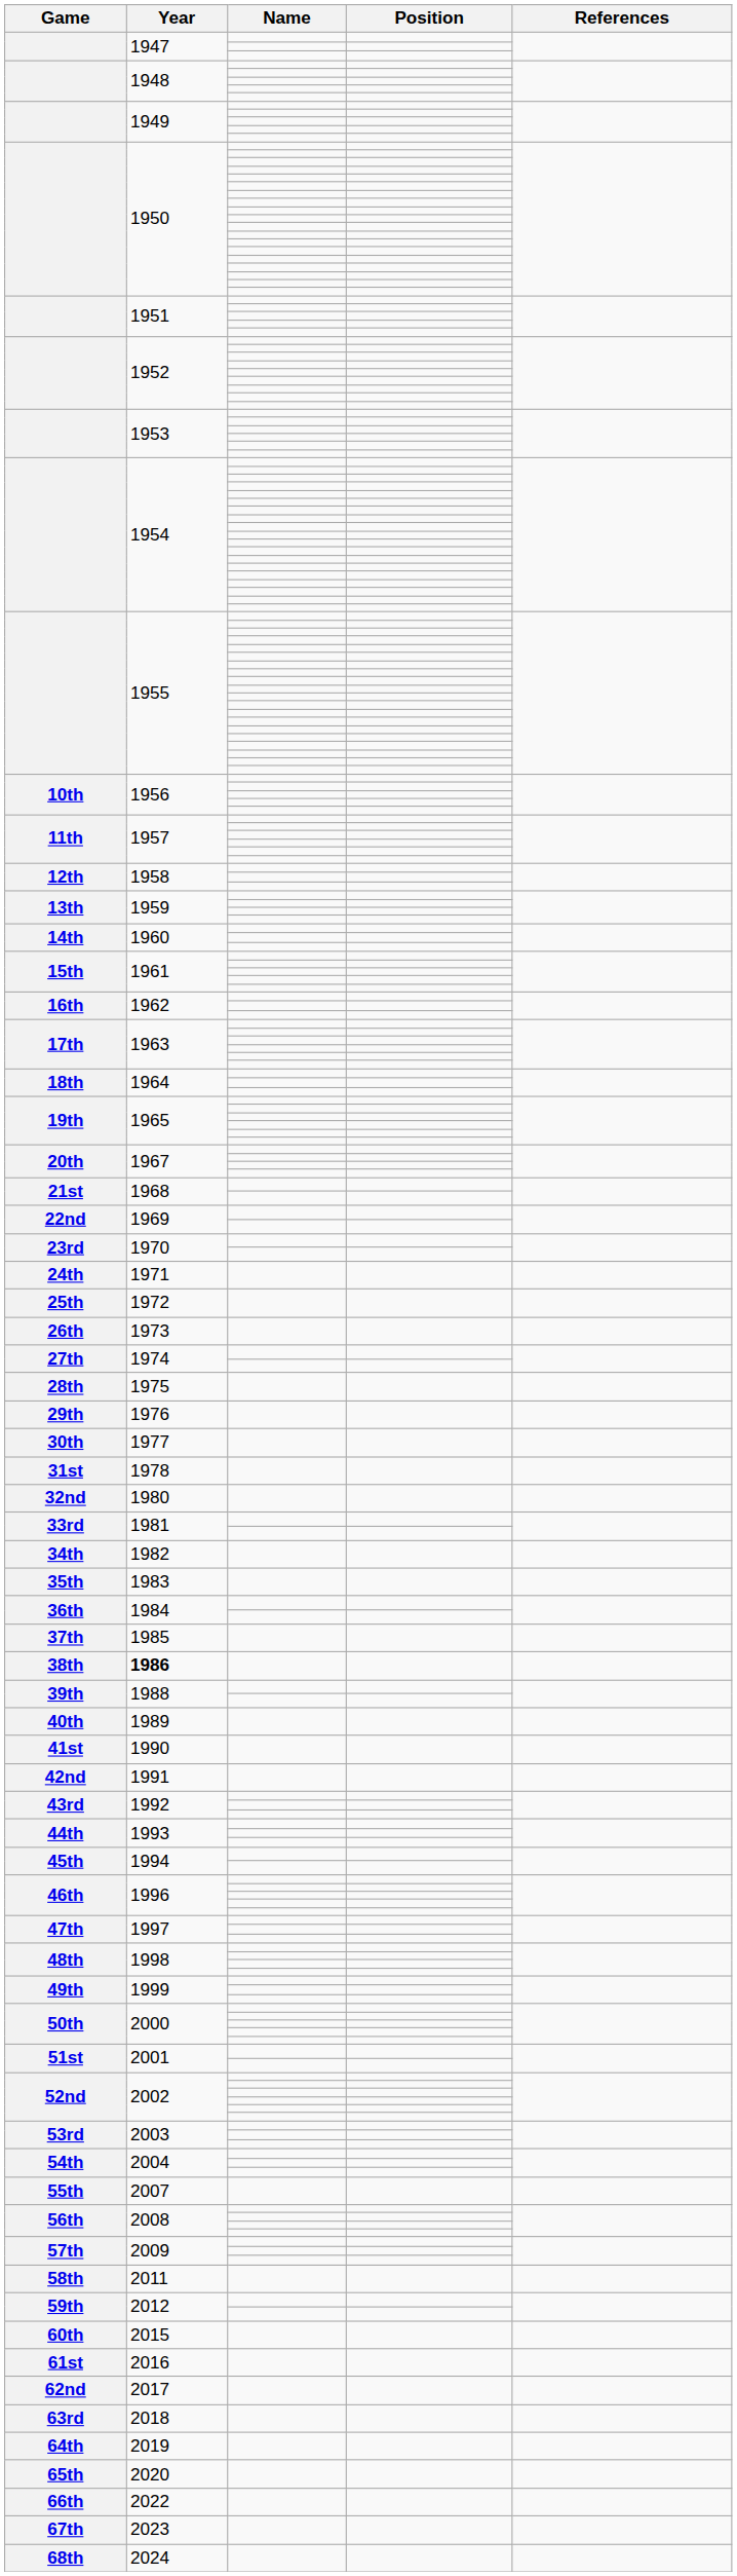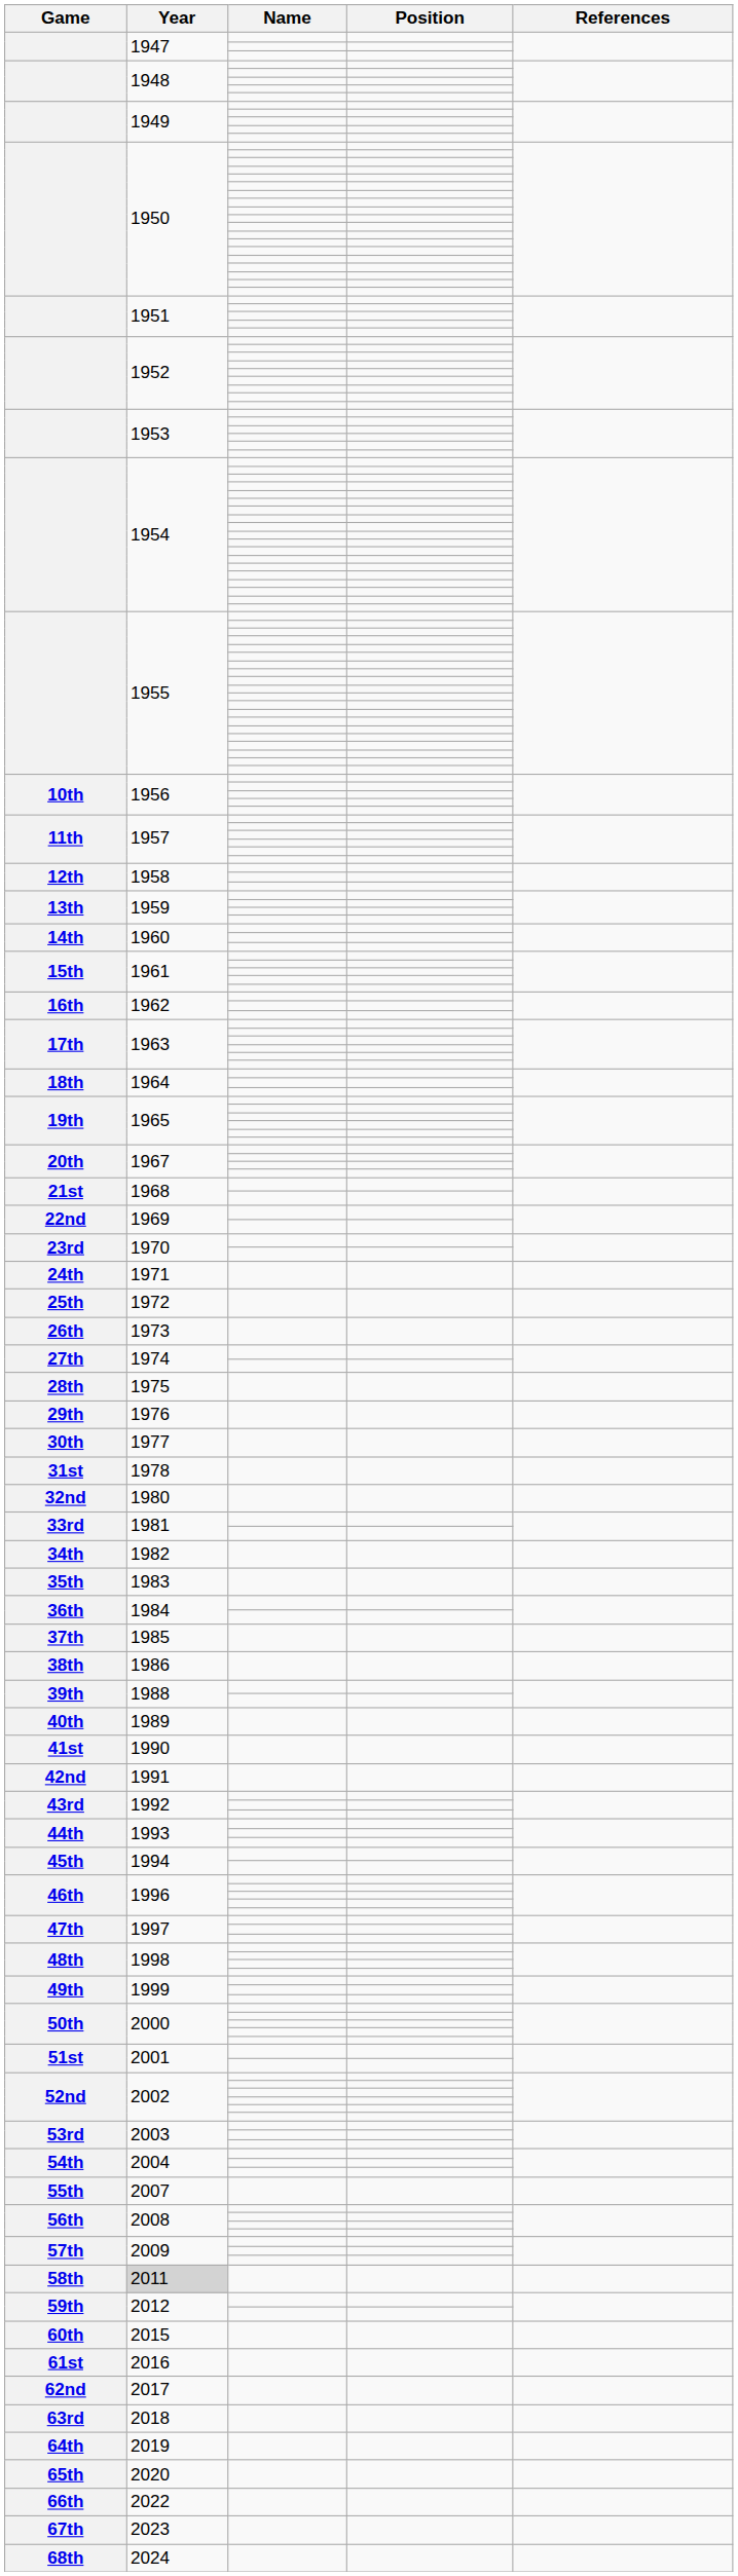 <table class="wikitable sortable" width="75%">
 <tr>
 <th scope="col">Game</th>
 <th scope="col">Year</th>
 <th scope="col">Name</th>
 <th scope="col">Position</th>
 <th scope="col" class="unsortable">References</th>
 </tr>
 <tr>
 <th scope="row" rowspan="3"></th>
 <td rowspan="3">1947</td>
 <td></td>
 <td></td>
 <td rowspan="3"></td>
 </tr>
 <tr>
 <td></td>
 <td></td>
 </tr>
 <tr>
 <td></td>
 <td></td>
 </tr>
 <tr>
 <th scope="row"  rowspan="5"></th>
 <td rowspan="5">1948</td>
 <td></td>
 <td></td>
 <td rowspan="5"></td>
 </tr>
 <tr>
 <td></td>
 <td></td>
 </tr>
 <tr>
 <td></td>
 <td></td>
 </tr>
 <tr>
 <td></td>
 <td></td>
 </tr>
 <tr>
 <td></td>
 <td></td>
 </tr>
 <tr>
 <th scope="row" rowspan="5"></th>
 <td rowspan="5">1949</td>
 <td></td>
 <td></td>
 <td rowspan="5"></td>
 </tr>
 <tr>
 <td></td>
 <td></td>
 </tr>
 <tr>
 <td></td>
 <td></td>
 </tr>
 <tr>
 <td></td>
 <td></td>
 </tr>
 <tr>
 <td></td>
 <td></td>
 </tr>
 <tr>
 <th scope="row" rowspan="19"></th>
 <td rowspan="19">1950</td>
 <td></td>
 <td></td>
 <td rowspan="19"></td>
 </tr>
 <tr>
 <td></td>
 <td></td>
 </tr>
 <tr>
 <td></td>
 <td></td>
 </tr>
 <tr>
 <td></td>
 <td></td>
 </tr>
 <tr>
 <td></td>
 <td></td>
 </tr>
 <tr>
 <td></td>
 <td></td>
 </tr>
 <tr>
 <td></td>
 <td></td>
 </tr>
 <tr>
 <td></td>
 <td></td>
 </tr>
 <tr>
 <td></td>
 <td></td>
 </tr>
 <tr>
 <td></td>
 <td></td>
 </tr>
 <tr>
 <td></td>
 <td></td>
 </tr>
 <tr>
 <td></td>
 <td></td>
 </tr>
 <tr>
 <td></td>
 <td></td>
 </tr>
 <tr>
 <td></td>
 <td></td>
 </tr>
 <tr>
 <td></td>
 <td></td>
 </tr>
 <tr>
 <td></td>
 <td></td>
 </tr>
 <tr>
 <td></td>
 <td></td>
 </tr>
 <tr>
 <td></td>
 <td></td>
 </tr>
 <tr>
 <td></td>
 <td></td>
 </tr>
 <tr>
 <th scope="row" rowspan="5"></th>
 <td rowspan="5">1951</td>
 <td></td>
 <td></td>
 <td rowspan="5"></td>
 </tr>
 <tr>
 <td></td>
 <td></td>
 </tr>
 <tr>
 <td></td>
 <td></td>
 </tr>
 <tr>
 <td></td>
 <td></td>
 </tr>
 <tr>
 <td></td>
 <td></td>
 </tr>
 <tr>
 <th scope="row" rowspan="9"></th>
 <td rowspan="9">1952</td>
 <td></td>
 <td></td>
 <td rowspan="9"></td>
 </tr>
 <tr>
 <td></td>
 <td></td>
 </tr>
 <tr>
 <td></td>
 <td></td>
 </tr>
 <tr>
 <td></td>
 <td></td>
 </tr>
 <tr>
 <td></td>
 <td></td>
 </tr>
 <tr>
 <td></td>
 <td></td>
 </tr>
 <tr>
 <td></td>
 <td></td>
 </tr>
 <tr>
 <td></td>
 <td></td>
 </tr>
 <tr>
 <td></td>
 <td></td>
 </tr>
 <tr>
 <th scope="row" rowspan="6"></th>
 <td rowspan="6">1953</td>
 <td></td>
 <td></td>
 <td rowspan="6"></td>
 </tr>
 <tr>
 <td></td>
 <td></td>
 </tr>
 <tr>
 <td></td>
 <td></td>
 </tr>
 <tr>
 <td></td>
 <td></td>
 </tr>
 <tr>
 <td></td>
 <td></td>
 </tr>
 <tr>
 <td></td>
 <td></td>
 </tr>
 <tr>
 <th scope="row" rowspan="19"></th>
 <td rowspan="19">1954</td>
 <td></td>
 <td></td>
 <td rowspan="19"></td>
 </tr>
 <tr>
 <td></td>
 <td></td>
 </tr>
 <tr>
 <td></td>
 <td></td>
 </tr>
 <tr>
 <td></td>
 <td></td>
 </tr>
 <tr>
 <td></td>
 <td></td>
 </tr>
 <tr>
 <td></td>
 <td></td>
 </tr>
 <tr>
 <td></td>
 <td></td>
 </tr>
 <tr>
 <td></td>
 <td></td>
 </tr>
 <tr>
 <td></td>
 <td></td>
 </tr>
 <tr>
 <td></td>
 <td></td>
 </tr>
 <tr>
 <td></td>
 <td></td>
 </tr>
 <tr>
 <td></td>
 <td></td>
 </tr>
 <tr>
 <td></td>
 <td></td>
 </tr>
 <tr>
 <td></td>
 <td></td>
 </tr>
 <tr>
 <td></td>
 <td></td>
 </tr>
 <tr>
 <td></td>
 <td></td>
 </tr>
 <tr>
 <td></td>
 <td></td>
 </tr>
 <tr>
 <td></td>
 <td></td>
 </tr>
 <tr>
 <td></td>
 <td></td>
 </tr>
 <tr>
 <th scope="row" rowspan="20"></th>
 <td rowspan="20">1955</td>
 <td></td>
 <td></td>
 <td rowspan="20"></td>
 </tr>
 <tr>
 <td></td>
 <td></td>
 </tr>
 <tr>
 <td></td>
 <td></td>
 </tr>
 <tr>
 <td></td>
 <td></td>
 </tr>
 <tr>
 <td></td>
 <td></td>
 </tr>
 <tr>
 <td></td>
 <td></td>
 </tr>
 <tr>
 <td></td>
 <td></td>
 </tr>
 <tr>
 <td></td>
 <td></td>
 </tr>
 <tr>
 <td></td>
 <td></td>
 </tr>
 <tr>
 <td></td>
 <td></td>
 </tr>
 <tr>
 <td></td>
 <td></td>
 </tr>
 <tr>
 <td></td>
 <td></td>
 </tr>
 <tr>
 <td></td>
 <td></td>
 </tr>
 <tr>
 <td></td>
 <td></td>
 </tr>
 <tr>
 <td></td>
 <td></td>
 </tr>
 <tr>
 <td></td>
 <td></td>
 </tr>
 <tr>
 <td></td>
 <td></td>
 </tr>
 <tr>
 <td></td>
 <td></td>
 </tr>
 <tr>
 <td></td>
 <td></td>
 </tr>
 <tr>
 <td></td>
 <td></td>
 </tr>
 <tr>
 <th scope="row" rowspan="5"><a href='#'>10th</a></th>
 <td rowspan="5">1956</td>
 <td></td>
 <td></td>
 <td rowspan="5"></td>
 </tr>
 <tr>
 <td></td>
 <td></td>
 </tr>
 <tr>
 <td></td>
 <td></td>
 </tr>
 <tr>
 <td></td>
 <td></td>
 </tr>
 <tr>
 <td></td>
 <td></td>
 </tr>
 <tr>
 <th scope="row" rowspan="6"><a href='#'>11th</a></th>
 <td rowspan="6">1957</td>
 <td></td>
 <td></td>
 <td rowspan="6"></td>
 </tr>
 <tr>
 <td></td>
 <td></td>
 </tr>
 <tr>
 <td></td>
 <td></td>
 </tr>
 <tr>
 <td></td>
 <td></td>
 </tr>
 <tr>
 <td></td>
 <td></td>
 </tr>
 <tr>
 <td></td>
 <td></td>
 </tr>
 <tr>
 <th scope="row" rowspan="3"><a href='#'>12th</a></th>
 <td rowspan="3">1958</td>
 <td></td>
 <td></td>
 <td rowspan="3"></td>
 </tr>
 <tr>
 <td></td>
 <td></td>
 </tr>
 <tr>
 <td></td>
 <td></td>
 </tr>
 <tr>
 <th scope="row" rowspan="4"><a href='#'>13th</a></th>
 <td rowspan="4">1959</td>
 <td></td>
 <td></td>
 <td rowspan="4"></td>
 </tr>
 <tr>
 <td></td>
 <td></td>
 </tr>
 <tr>
 <td></td>
 <td></td>
 </tr>
 <tr>
 <td></td>
 <td></td>
 </tr>
 <tr>
 <th scope="row" rowspan="3"><a href='#'>14th</a></th>
 <td rowspan="3">1960</td>
 <td></td>
 <td></td>
 <td rowspan="3"></td>
 </tr>
 <tr>
 <td></td>
 <td></td>
 </tr>
 <tr>
 <td></td>
 <td></td>
 </tr>
 <tr>
 <th scope="row" rowspan="5"><a href='#'>15th</a></th>
 <td rowspan="5">1961</td>
 <td></td>
 <td></td>
 <td rowspan="5"></td>
 </tr>
 <tr>
 <td></td>
 <td></td>
 </tr>
 <tr>
 <td></td>
 <td></td>
 </tr>
 <tr>
 <td></td>
 <td></td>
 </tr>
 <tr>
 <td></td>
 <td></td>
 </tr>
 <tr>
 <th scope="row" rowspan="3"><a href='#'>16th</a></th>
 <td rowspan="3">1962</td>
 <td></td>
 <td></td>
 <td rowspan="3"></td>
 </tr>
 <tr>
 <td></td>
 <td></td>
 </tr>
 <tr>
 <td></td>
 <td></td>
 </tr>
 <tr>
 <th scope="row" rowspan="6"><a href='#'>17th</a></th>
 <td rowspan="6">1963</td>
 <td></td>
 <td></td>
 <td rowspan="6"></td>
 </tr>
 <tr>
 <td></td>
 <td></td>
 </tr>
 <tr>
 <td></td>
 <td></td>
 </tr>
 <tr>
 <td></td>
 <td></td>
 </tr>
 <tr>
 <td></td>
 <td></td>
 </tr>
 <tr>
 <td></td>
 <td></td>
 </tr>
 <tr>
 <th scope="row" rowspan="3"><a href='#'>18th</a></th>
 <td rowspan="3">1964</td>
 <td></td>
 <td></td>
 <td rowspan="3"></td>
 </tr>
 <tr>
 <td></td>
 <td></td>
 </tr>
 <tr>
 <td></td>
 <td></td>
 </tr>
 <tr>
 <th scope="row" rowspan="6"><a href='#'>19th</a></th>
 <td rowspan="6">1965</td>
 <td></td>
 <td></td>
 <td rowspan="6"></td>
 </tr>
 <tr>
 <td></td>
 <td></td>
 </tr>
 <tr>
 <td></td>
 <td></td>
 </tr>
 <tr>
 <td></td>
 <td></td>
 </tr>
 <tr>
 <td></td>
 <td></td>
 </tr>
 <tr>
 <td></td>
 <td></td>
 </tr>
 <tr>
 <th scope="row" rowspan="4"><a href='#'>20th</a></th>
 <td rowspan="4">1967</td>
 <td></td>
 <td></td>
 <td rowspan="4"></td>
 </tr>
 <tr>
 <td></td>
 <td></td>
 </tr>
 <tr>
 <td></td>
 <td></td>
 </tr>
 <tr>
 <td></td>
 <td></td>
 </tr>
 <tr>
 <th scope="row" rowspan="2"><a href='#'>21st</a></th>
 <td rowspan="2">1968</td>
 <td></td>
 <td></td>
 <td rowspan="2"></td>
 </tr>
 <tr>
 <td></td>
 <td></td>
 </tr>
 <tr>
 <th scope="row" rowspan="2"><a href='#'>22nd</a></th>
 <td rowspan="2">1969</td>
 <td></td>
 <td></td>
 <td rowspan="2"></td>
 </tr>
 <tr>
 <td></td>
 <td></td>
 </tr>
 <tr>
 <th scope="row" rowspan="2"><a href='#'>23rd</a></th>
 <td rowspan="2">1970</td>
 <td></td>
 <td></td>
 <td rowspan="2"></td>
 </tr>
 <tr>
 <td></td>
 <td></td>
 </tr>
 <tr>
 <th scope="row"><a href='#'>24th</a></th>
 <td>1971</td>
 <td></td>
 <td></td>
 <td></td>
 </tr>
 <tr>
 <th scope="row"><a href='#'>25th</a></th>
 <td>1972</td>
 <td></td>
 <td></td>
 <td></td>
 </tr>
 <tr>
 <th scope="row"><a href='#'>26th</a></th>
 <td>1973</td>
 <td></td>
 <td></td>
 <td></td>
 </tr>
 <tr>
 <th scope="row" rowspan="2"><a href='#'>27th</a></th>
 <td rowspan="2">1974</td>
 <td></td>
 <td></td>
 <td rowspan="2"></td>
 </tr>
 <tr>
 <td></td>
 <td></td>
 </tr>
 <tr>
 <th scope="row"><a href='#'>28th</a></th>
 <td>1975</td>
 <td></td>
 <td></td>
 <td></td>
 </tr>
 <tr>
 <th scope="row"><a href='#'>29th</a></th>
 <td>1976</td>
 <td></td>
 <td></td>
 <td></td>
 </tr>
 <tr>
 <th scope="row"><a href='#'>30th</a></th>
 <td>1977</td>
 <td></td>
 <td></td>
 <td></td>
 </tr>
 <tr>
 <th scope="row"><a href='#'>31st</a></th>
 <td>1978</td>
 <td></td>
 <td></td>
 <td></td>
 </tr>
 <tr>
 <th scope="row"><a href='#'>32nd</a></th>
 <td>1980</td>
 <td></td>
 <td></td>
 <td></td>
 </tr>
 <tr>
 <th scope="row" rowspan="2"><a href='#'>33rd</a></th>
 <td rowspan="2">1981</td>
 <td></td>
 <td></td>
 <td rowspan="2"></td>
 </tr>
 <tr>
 <td></td>
 <td></td>
 </tr>
 <tr>
 <th scope="row"><a href='#'>34th</a></th>
 <td>1982</td>
 <td></td>
 <td></td>
 <td></td>
 </tr>
 <tr>
 <th scope="row"><a href='#'>35th</a></th>
 <td>1983</td>
 <td></td>
 <td></td>
 <td></td>
 </tr>
 <tr>
 <th scope="row" rowspan="2"><a href='#'>36th</a></th>
 <td rowspan="2">1984</td>
 <td></td>
 <td></td>
 <td rowspan="2"></td>
 </tr>
 <tr>
 <td></td>
 <td></td>
 </tr>
 <tr>
 <th scope="row"><a href='#'>37th</a></th>
 <td>1985</td>
 <td></td>
 <td></td>
 <td></td>
 </tr>
 <tr>
 <th scope="row"><a href='#'>38th</a></th>
-<td><strong>1986</strong></td>
+<td>1986</td>
 <td></td>
 <td></td>
 <td></td>
 </tr>
 <tr>
 <th scope="row" rowspan="2"><a href='#'>39th</a></th>
 <td rowspan="2">1988</td>
 <td></td>
 <td></td>
 <td rowspan="2"></td>
 </tr>
 <tr>
 <td></td>
 <td></td>
 </tr>
 <tr>
 <th scope="row"><a href='#'>40th</a></th>
 <td>1989</td>
 <td></td>
 <td></td>
 <td></td>
 </tr>
 <tr>
 <th scope="row"><a href='#'>41st</a></th>
 <td>1990</td>
 <td></td>
 <td></td>
 <td></td>
 </tr>
 <tr>
 <th scope="row"><a href='#'>42nd</a></th>
 <td>1991</td>
 <td></td>
 <td></td>
 <td></td>
 </tr>
 <tr>
 <th scope="row" rowspan="3"><a href='#'>43rd</a></th>
 <td rowspan="3">1992</td>
 <td></td>
 <td></td>
 <td rowspan="3"></td>
 </tr>
 <tr>
 <td></td>
 <td></td>
 </tr>
 <tr>
 <td></td>
 <td></td>
 </tr>
 <tr>
 <th scope="row" rowspan="3"><a href='#'>44th</a></th>
 <td rowspan="3">1993</td>
 <td></td>
 <td></td>
 <td rowspan="3"></td>
 </tr>
 <tr>
 <td></td>
 <td></td>
 </tr>
 <tr>
 <td></td>
 <td></td>
 </tr>
 <tr>
 <th scope="row" rowspan="2"><a href='#'>45th</a></th>
 <td rowspan="2">1994</td>
 <td></td>
 <td></td>
 <td rowspan="2"></td>
 </tr>
 <tr>
 <td></td>
 <td></td>
 </tr>
 <tr>
 <th scope="row" rowspan="5"><a href='#'>46th</a></th>
 <td rowspan="5">1996</td>
 <td></td>
 <td></td>
 <td rowspan="5"></td>
 </tr>
 <tr>
 <td></td>
 <td></td>
 </tr>
 <tr>
 <td></td>
 <td></td>
 </tr>
 <tr>
 <td></td>
 <td></td>
 </tr>
 <tr>
 <td></td>
 <td></td>
 </tr>
 <tr>
 <th scope="row" rowspan="3"><a href='#'>47th</a></th>
 <td rowspan="3">1997</td>
 <td></td>
 <td></td>
 <td rowspan="3"></td>
 </tr>
 <tr>
 <td></td>
 <td></td>
 </tr>
 <tr>
 <td></td>
 <td></td>
 </tr>
 <tr>
 <th scope="row" rowspan="4"><a href='#'>48th</a></th>
 <td rowspan="4">1998</td>
 <td></td>
 <td></td>
 <td rowspan="4"></td>
 </tr>
 <tr>
 <td></td>
 <td></td>
 </tr>
 <tr>
 <td></td>
 <td></td>
 </tr>
 <tr>
 <td></td>
 <td></td>
 </tr>
 <tr>
 <th scope="row" rowspan="3"><a href='#'>49th</a></th>
 <td rowspan="3">1999</td>
 <td></td>
 <td></td>
 <td rowspan="3"></td>
 </tr>
 <tr>
 <td></td>
 <td></td>
 </tr>
 <tr>
 <td></td>
 <td></td>
 </tr>
 <tr>
 <th scope="row" rowspan="5"><a href='#'>50th</a></th>
 <td rowspan="5">2000</td>
 <td></td>
 <td></td>
 <td rowspan="5"></td>
 </tr>
 <tr>
 <td></td>
 <td></td>
 </tr>
 <tr>
 <td></td>
 <td></td>
 </tr>
 <tr>
 <td></td>
 <td></td>
 </tr>
 <tr>
 <td></td>
 <td></td>
 </tr>
 <tr>
 <th scope="row" rowspan="2"><a href='#'>51st</a></th>
 <td rowspan="2">2001</td>
 <td></td>
 <td></td>
 <td rowspan="2"></td>
 </tr>
 <tr>
 <td></td>
 <td></td>
 </tr>
 <tr>
 <th scope="row" rowspan="6"><a href='#'>52nd</a></th>
 <td rowspan="6">2002</td>
 <td></td>
 <td></td>
 <td rowspan="6"></td>
 </tr>
 <tr>
 <td></td>
 <td></td>
 </tr>
 <tr>
 <td></td>
 <td></td>
 </tr>
 <tr>
 <td></td>
 <td></td>
 </tr>
 <tr>
 <td></td>
 <td></td>
 </tr>
 <tr>
 <td></td>
 <td></td>
 </tr>
 <tr>
 <th scope="row" rowspan="3"><a href='#'>53rd</a></th>
 <td rowspan="3">2003</td>
 <td></td>
 <td></td>
 <td rowspan="3"></td>
 </tr>
 <tr>
 <td></td>
 <td></td>
 </tr>
 <tr>
 <td></td>
 <td></td>
 </tr>
 <tr>
 <th scope="row" rowspan="3"><a href='#'>54th</a></th>
 <td rowspan="3">2004</td>
 <td></td>
 <td></td>
 <td rowspan="3"></td>
 </tr>
 <tr>
 <td></td>
 <td></td>
 </tr>
 <tr>
 <td></td>
 <td></td>
 </tr>
 <tr>
 <th scope="row"><a href='#'>55th</a></th>
 <td>2007</td>
 <td></td>
 <td></td>
 <td></td>
 </tr>
 <tr>
 <th scope="row" rowspan="4"><a href='#'>56th</a></th>
 <td rowspan="4">2008</td>
 <td></td>
 <td></td>
 <td rowspan="4"></td>
 </tr>
 <tr>
 <td></td>
 <td></td>
 </tr>
 <tr>
 <td></td>
 <td></td>
 </tr>
 <tr>
 <td></td>
 <td></td>
 </tr>
 <tr>
 <th scope="row" rowspan="3"><a href='#'>57th</a></th>
 <td rowspan="3">2009</td>
 <td></td>
 <td></td>
 <td rowspan="3"></td>
 </tr>
 <tr>
 <td></td>
 <td></td>
 </tr>
 <tr>
 <td></td>
 <td></td>
 </tr>
 <tr>
 <th scope="row"><a href='#'>58th</a></th>
-<td>2011</td>
+<td style="background: lightgrey;">2011</td>
 <td></td>
 <td></td>
 <td></td>
 </tr>
 <tr>
 <th scope="row" rowspan="2"><a href='#'>59th</a></th>
 <td rowspan="2">2012</td>
 <td></td>
 <td></td>
 <td rowspan="2"></td>
 </tr>
 <tr>
 <td></td>
 <td></td>
 </tr>
 <tr>
 <th scope="row"><a href='#'>60th</a></th>
 <td>2015</td>
 <td></td>
 <td></td>
 <td></td>
 </tr>
 <tr>
 <th scope="row"><a href='#'>61st</a></th>
 <td>2016</td>
 <td></td>
 <td></td>
 <td></td>
 </tr>
 <tr>
 <th scope="row"><a href='#'>62nd</a></th>
 <td>2017</td>
 <td></td>
 <td></td>
 <td></td>
 </tr>
 <tr>
 <th scope="row"><a href='#'>63rd</a></th>
 <td>2018</td>
 <td></td>
 <td></td>
 <td></td>
 </tr>
 <tr>
 <th scope="row"><a href='#'>64th</a></th>
 <td>2019</td>
 <td></td>
 <td></td>
 <td></td>
 </tr>
 <tr>
 <th scope="row"><a href='#'>65th</a></th>
 <td>2020</td>
 <td></td>
 <td></td>
 <td></td>
 </tr>
 <tr>
 <th scope="row"><a href='#'>66th</a></th>
 <td>2022</td>
 <td></td>
 <td></td>
 <td></td>
 </tr>
 <tr>
 <th scope="row"><a href='#'>67th</a></th>
 <td>2023</td>
 <td></td>
 <td></td>
 <td></td>
 </tr>
 <tr>
 <th scope="row"><a href='#'>68th</a></th>
 <td>2024</td>
 <td></td>
 <td></td>
 <td></td>
 </tr>
 </table>
